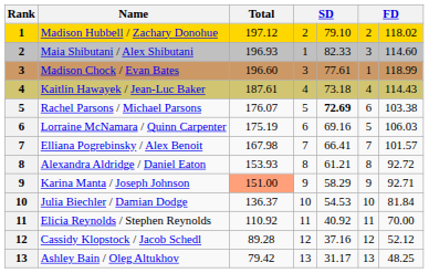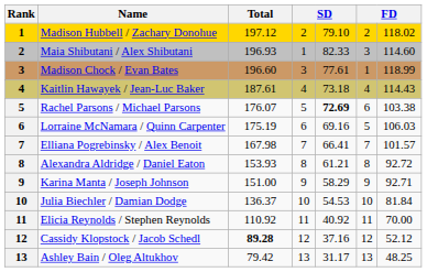 <table class="wikitable sortable">
 <tr>
 <th>Rank</th>
 <th>Name</th>
 <th width="80px">Total</th>
 <th colspan="2" width="80px"><a href='#'>SD</a></th>
 <th colspan="2" width="80px"><a href='#'>FD</a></th>
 </tr>
 <tr bgcolor="gold">
 <td align="center"><strong>1</strong></td>
 <td><a href='#'>Madison Hubbell</a> / <a href='#'>Zachary Donohue</a></td>
 <td align="center">197.12</td>
 <td align="center">2</td>
 <td align="center">79.10</td>
 <td align="center">2</td>
 <td align="center">118.02</td>
 </tr>
 <tr bgcolor="silver">
 <td align="center"><strong>2</strong></td>
 <td><a href='#'>Maia Shibutani</a> / <a href='#'>Alex Shibutani</a></td>
 <td align="center">196.93</td>
 <td align="center">1</td>
 <td align="center">82.33</td>
 <td align="center">3</td>
 <td align="center">114.60</td>
 </tr>
 <tr bgcolor="cc9966">
 <td align="center"><strong>3</strong></td>
 <td><a href='#'>Madison Chock</a> / <a href='#'>Evan Bates</a></td>
 <td align="center">196.60</td>
 <td align="center">3</td>
 <td align="center">77.61</td>
 <td align="center">1</td>
 <td align="center">118.99</td>
 </tr>
 <tr bgcolor="#d1c571">
 <td align="center"><strong>4</strong></td>
 <td><a href='#'>Kaitlin Hawayek</a> / <a href='#'>Jean-Luc Baker</a></td>
 <td align="center">187.61</td>
 <td align="center">4</td>
 <td align="center">73.18</td>
 <td align="center">4</td>
 <td align="center">114.43</td>
 </tr>
 <tr>
 <th>5</th>
 <td><a href='#'>Rachel Parsons</a> / <a href='#'>Michael Parsons</a></td>
 <td align="center">176.07</td>
 <td align="center">5</td>
 <td align="center"><strong>72.69</strong></td>
 <td align="center">6</td>
 <td align="center">103.38</td>
 </tr>
 <tr>
 <th>6</th>
 <td><a href='#'>Lorraine McNamara</a> / <a href='#'>Quinn Carpenter</a></td>
 <td align="center">175.19</td>
 <td align="center">6</td>
 <td align="center">69.16</td>
 <td align="center">5</td>
 <td align="center">106.03</td>
 </tr>
 <tr>
 <th>7</th>
 <td><a href='#'>Elliana Pogrebinsky</a> / <a href='#'>Alex Benoit</a></td>
 <td align="center">167.98</td>
 <td align="center">7</td>
 <td align="center">66.41</td>
 <td align="center">7</td>
 <td align="center">101.57</td>
 </tr>
 <tr>
 <th>8</th>
 <td><a href='#'>Alexandra Aldridge</a> / <a href='#'>Daniel Eaton</a></td>
 <td align="center">153.93</td>
 <td align="center">8</td>
 <td align="center">61.21</td>
 <td align="center">8</td>
 <td align="center">92.72</td>
 </tr>
 <tr>
 <th>9</th>
 <td><a href='#'>Karina Manta</a> / <a href='#'>Joseph Johnson</a></td>
-<td align="center" style="background: lightsalmon;">151.00</td>
+<td align="center">151.00</td>
 <td align="center">9</td>
 <td align="center">58.29</td>
 <td align="center">9</td>
 <td align="center">92.71</td>
 </tr>
 <tr>
 <th>10</th>
 <td><a href='#'>Julia Biechler</a> / <a href='#'>Damian Dodge</a></td>
 <td align="center">136.37</td>
 <td align="center">10</td>
 <td align="center">54.53</td>
 <td align="center">10</td>
 <td align="center">81.84</td>
 </tr>
 <tr>
 <th>11</th>
 <td><a href='#'>Elicia Reynolds</a> / Stephen Reynolds</td>
 <td align="center">110.92</td>
 <td align="center">11</td>
 <td align="center">40.92</td>
 <td align="center">11</td>
 <td align="center">70.00</td>
 </tr>
 <tr>
 <th>12</th>
 <td><a href='#'>Cassidy Klopstock</a> / <a href='#'>Jacob Schedl</a></td>
-<td align="center">89.28</td>
+<td align="center"><strong>89.28</strong></td>
 <td align="center">12</td>
 <td align="center">37.16</td>
 <td align="center">12</td>
 <td align="center">52.12</td>
 </tr>
 <tr>
 <th>13</th>
 <td><a href='#'>Ashley Bain</a> / <a href='#'>Oleg Altukhov</a></td>
 <td align="center">79.42</td>
 <td align="center">13</td>
 <td align="center">31.17</td>
 <td align="center">13</td>
 <td align="center">48.25</td>
 </tr>
 </table>
